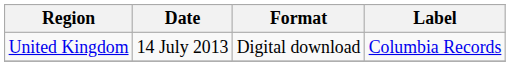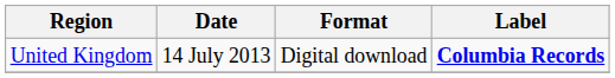 <table class=wikitable>
 <tr>
 <th>Region</th>
 <th>Date</th>
 <th>Format</th>
 <th>Label</th>
 </tr>
 <tr>
 <td><a href='#'>United Kingdom</a></td>
 <td>14 July 2013</td>
 <td>Digital download</td>
-<td><a href='#'>Columbia Records</a></td>
+<td><strong><a href='#'>Columbia Records</a></strong></td>
 </tr>
 <tr>
 </tr>
 </table>
